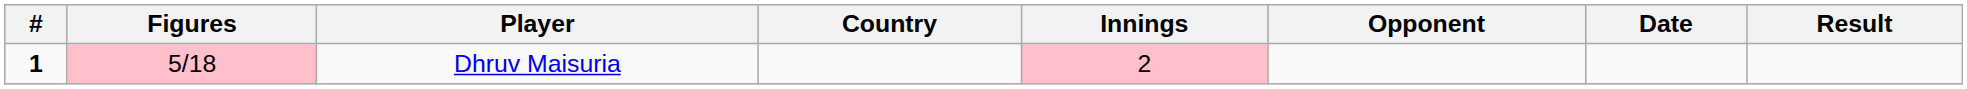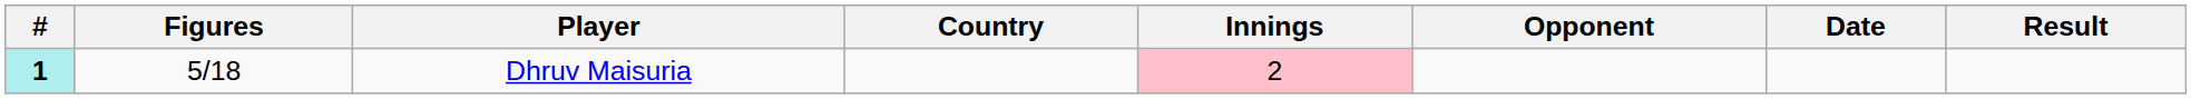 <table class="wikitable" style="font-size:100%; width:100%">
 <tr>
 <th>#</th>
 <th>Figures</th>
 <th>Player</th>
 <th>Country</th>
 <th>Innings</th>
 <th>Opponent</th>
 <th>Date</th>
 <th>Result</th>
 </tr>
 <tr align="center";>
-<td><strong>1</strong></td>
-<td style="background: pink;">5/18</td>
+<td style="background: paleturquoise;"><strong>1</strong></td>
+<td>5/18</td>
 <td><a href='#'>Dhruv Maisuria</a></td>
 <td></td>
 <td style="background: pink;">2</td>
 <td></td>
 <td></td>
 <td></td>
 </tr>
 </table>
